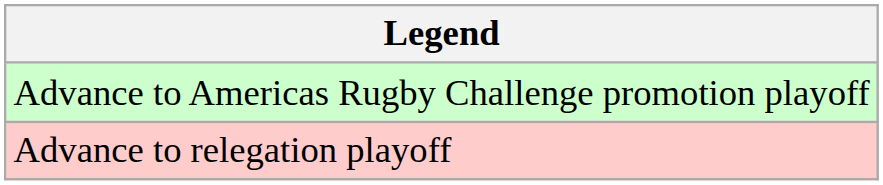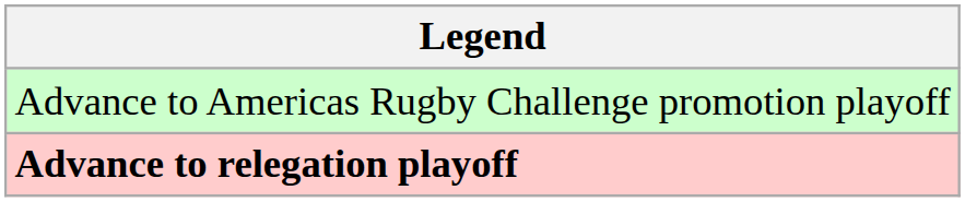 <table class="wikitable">
 <tr>
 <th>Legend</th>
 </tr>
 <tr bgcolor=ccffcc>
 <td>Advance to Americas Rugby Challenge promotion playoff</td>
 </tr>
 <tr bgcolor=ffcccc>
-<td>Advance to relegation playoff</td>
+<td><strong>Advance to relegation playoff</strong></td>
 </tr>
 </table>
